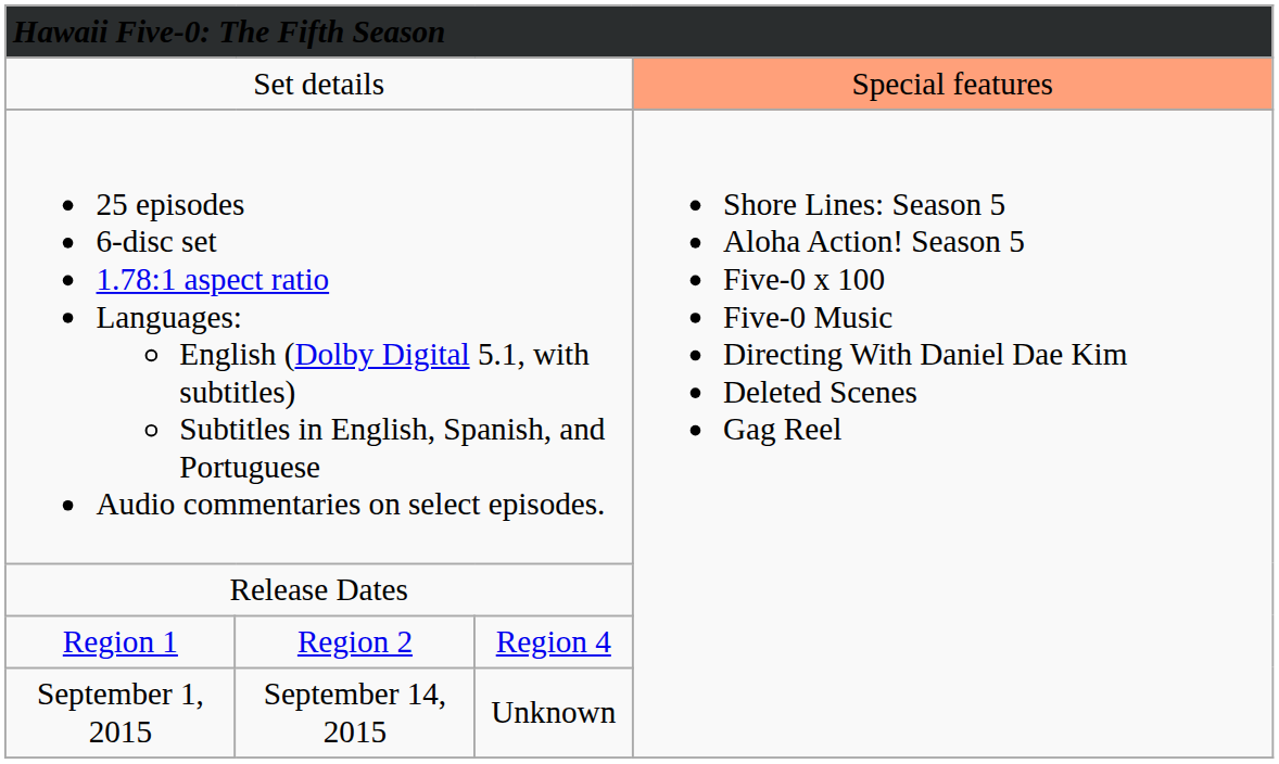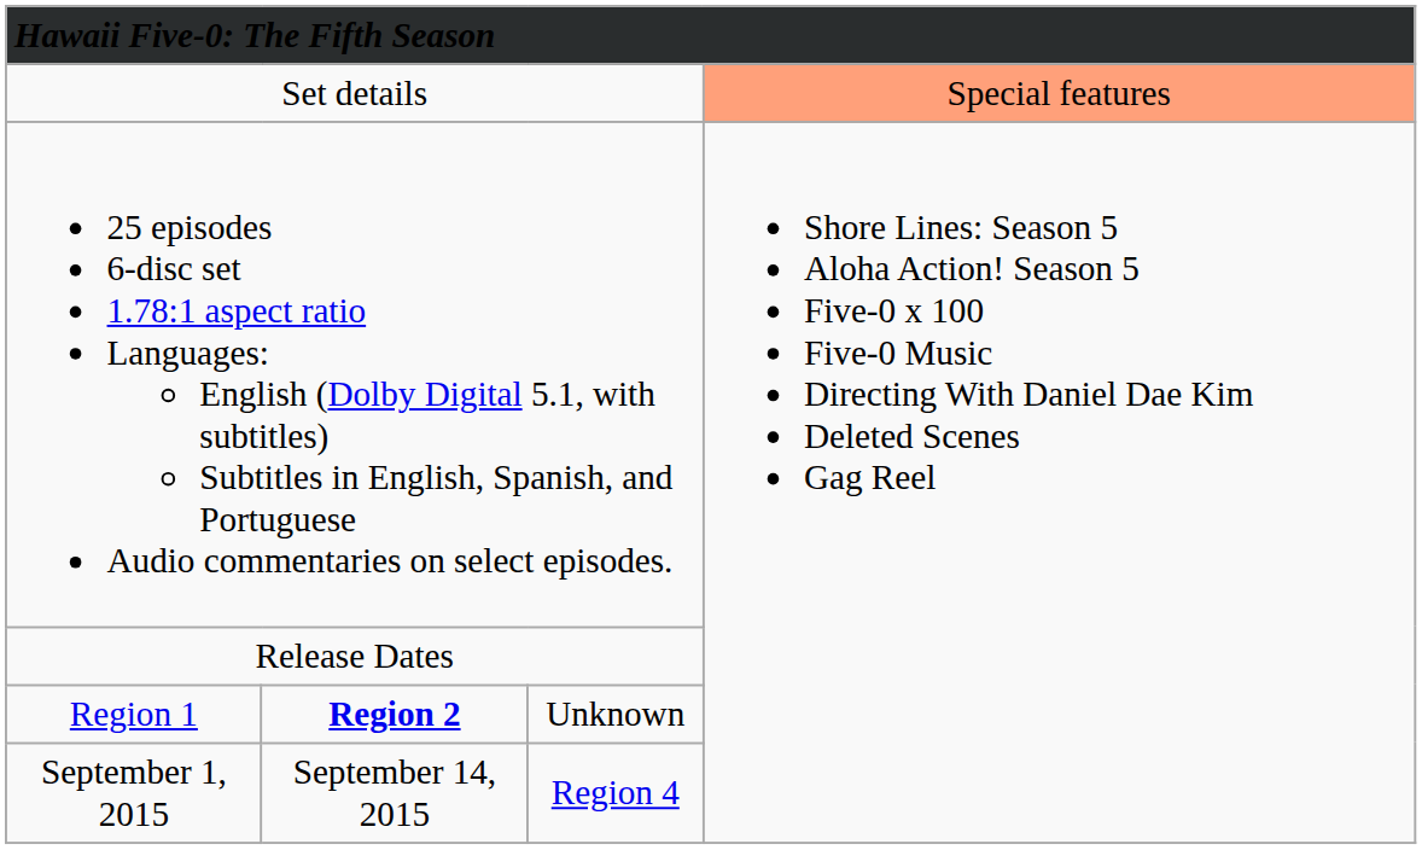 <table class="wikitable" style="font-size: 95%;">
 <tr style="background:#2a2d2e">
 <td colspan="5"><span></span> <strong><em>Hawaii Five-0<em>: The Fifth Season<strong></td>
 </tr>
 <tr valign="top">
 <td align="center" width="400" colspan="3"></strong>Set details<strong></td>
 <td width="300" align="center" style="background: lightsalmon;"></strong>Special features<strong></td>
 </tr>
 <tr valign="top">
 <td colspan="3" align="left" width="400"><br><ul><li>25 episodes</li><li>6-disc set</li><li><a href='#'>1.78:1 aspect ratio</a></li><li>Languages:<ul><li>English (<a href='#'>Dolby Digital</a> 5.1, with subtitles)</li><li>Subtitles in English, Spanish, and Portuguese</li></ul></li><li>Audio commentaries on select episodes.</li></ul></td>
 <td rowspan="4" align="left" width="300"><br><ul><li>Shore Lines: Season 5</li><li>Aloha Action! Season 5</li><li>Five-0 x 100</li><li>Five-0 Music</li><li>Directing With Daniel Dae Kim</li><li>Deleted Scenes</li><li>Gag Reel</li></ul></td>
 </tr>
 <tr>
 <td colspan="3" align="center"></strong>Release Dates<strong></td>
 </tr>
 <tr>
 <td align="center"><a href='#'>Region 1</a></td>
-<td align="center"><a href='#'>Region 2</a></td>
-<td align="center"><a href='#'>Region 4</a></td>
+<td align="center"><strong><a href='#'>Region 2</a></strong></td>
+<td align="center">Unknown</td>
 </tr>
 <tr>
 <td align="center">September 1, 2015</td>
 <td align="center">September 14, 2015</td>
-<td align="center">Unknown</td>
+<td align="center"><a href='#'>Region 4</a></td>
 </tr>
 </table>
